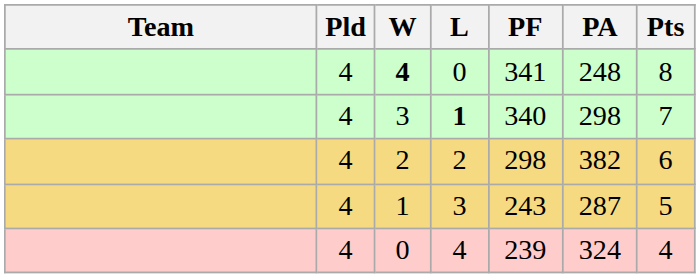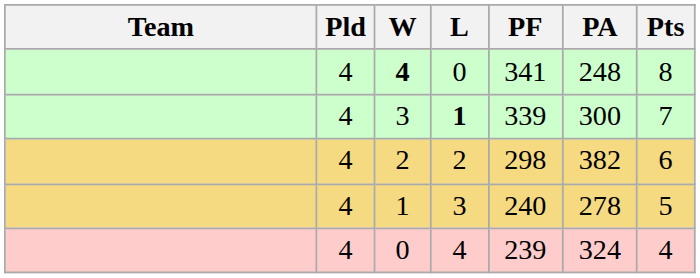 <table class="wikitable" style="text-align:center;">
 <tr>
 <th width=170>Team</th>
 <th width=25>Pld</th>
 <th width=25>W</th>
 <th width=25>L</th>
 <th width=35>PF</th>
 <th width=35>PA</th>
 <th width=25>Pts</th>
 </tr>
 <tr bgcolor=#ccffcc>
 <td align="left"></td>
 <td>4</td>
 <td><strong>4</strong></td>
 <td>0</td>
 <td>341</td>
 <td>248</td>
 <td>8</td>
 </tr>
 <tr bgcolor=#ccffcc>
 <td align="left"></td>
 <td>4</td>
 <td>3</td>
 <td><strong>1</strong></td>
-<td>340</td>
-<td>298</td>
+<td>339</td>
+<td>300</td>
 <td>7</td>
 </tr>
 <tr bgcolor=#F5DA81>
 <td align="left"></td>
 <td>4</td>
 <td>2</td>
 <td>2</td>
 <td>298</td>
 <td>382</td>
 <td>6</td>
 </tr>
 <tr bgcolor=#F5DA81>
 <td align="left"></td>
 <td>4</td>
 <td>1</td>
 <td>3</td>
-<td>243</td>
-<td>287</td>
+<td>240</td>
+<td>278</td>
 <td>5</td>
 </tr>
 <tr bgcolor=#ffcccc>
 <td align="left"></td>
 <td>4</td>
 <td>0</td>
 <td>4</td>
 <td>239</td>
 <td>324</td>
 <td>4</td>
 </tr>
 </table>
